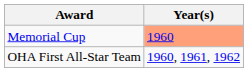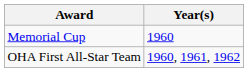 <table class="wikitable">
 <tr>
 <th>Award</th>
 <th>Year(s)</th>
 </tr>
 <tr>
 <td><a href='#'>Memorial Cup</a></td>
-<td style="background: lightsalmon;"><a href='#'>1960</a></td>
+<td><a href='#'>1960</a></td>
 </tr>
 <tr>
 <td>OHA First All-Star Team</td>
 <td><a href='#'>1960</a>, <a href='#'>1961</a>, <a href='#'>1962</a></td>
 </tr>
 </table>
